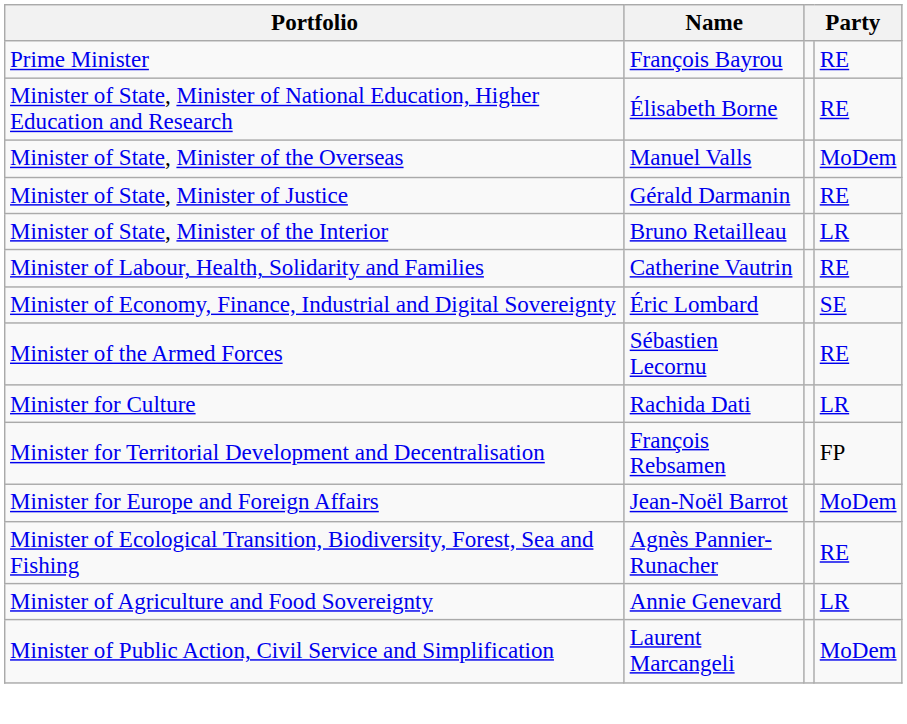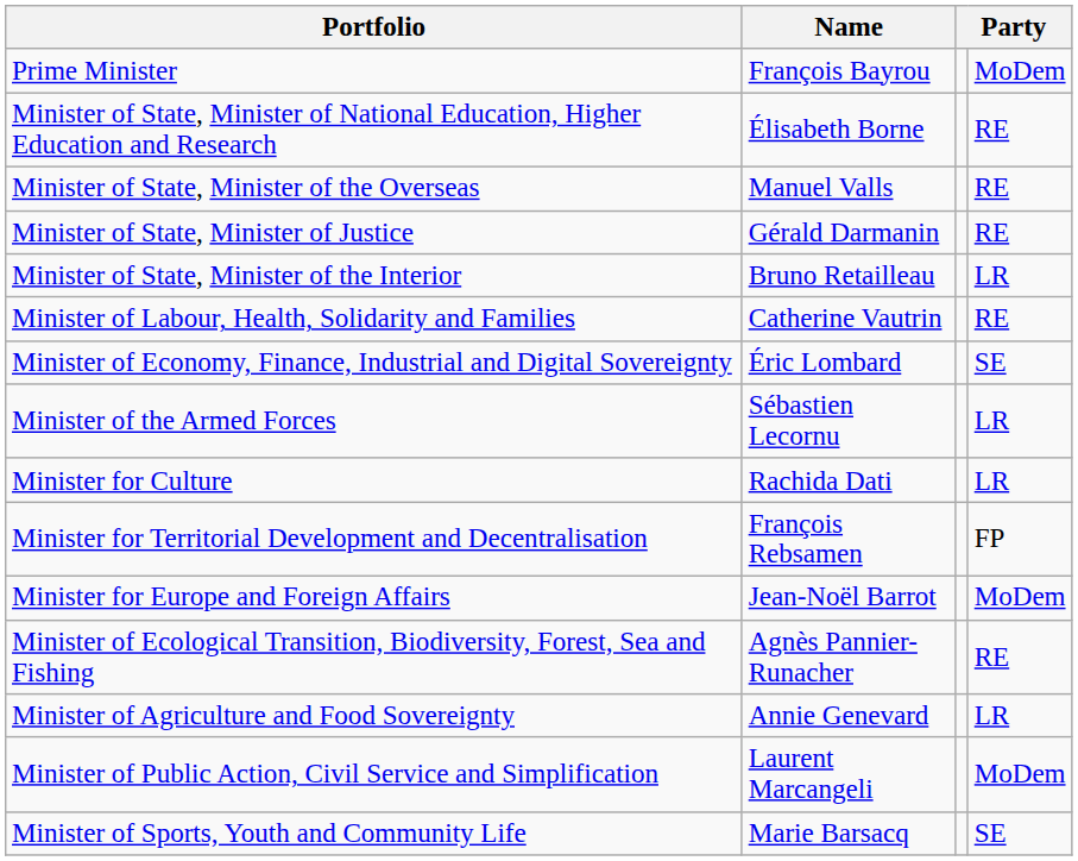 <table class="wikitable" style="width:100%">
 <tr>
 <th>Portfolio</th>
 <th style="width:20%">Name</th>
 <th colspan="2" style="width:8%">Party</th>
 </tr>
 <tr>
 <td><a href='#'>Prime Minister</a></td>
 <td><a href='#'>François Bayrou</a></td>
 <td style="background: "></td>
-<td><a href='#'>RE</a></td>
+<td><a href='#'>MoDem</a></td>
 </tr>
 <tr>
 <td><a href='#'>Minister of State</a>, <a href='#'>Minister of National Education, Higher Education and Research</a></td>
 <td><a href='#'>Élisabeth Borne</a></td>
 <td style="background:"></td>
 <td><a href='#'>RE</a></td>
 </tr>
 <tr>
 <td><a href='#'>Minister of State</a>, <a href='#'>Minister of the Overseas</a></td>
 <td><a href='#'>Manuel Valls</a></td>
 <td style="background:"></td>
-<td><a href='#'>MoDem</a></td>
+<td><a href='#'>RE</a></td>
 </tr>
 <tr>
 <td><a href='#'>Minister of State</a>, <a href='#'>Minister of Justice</a></td>
 <td><a href='#'>Gérald Darmanin</a></td>
 <td style="background:"></td>
 <td><a href='#'>RE</a></td>
 </tr>
 <tr>
 <td><a href='#'>Minister of State</a>, <a href='#'>Minister of the Interior</a></td>
 <td><a href='#'>Bruno Retailleau</a></td>
 <td style="background:"></td>
 <td><a href='#'>LR</a></td>
 </tr>
 <tr>
 <td><a href='#'>Minister of Labour, Health, Solidarity and Families</a></td>
 <td><a href='#'>Catherine Vautrin</a></td>
 <td style="background:"></td>
 <td><a href='#'>RE</a></td>
 </tr>
 <tr>
 <td><a href='#'>Minister of Economy, Finance, Industrial and Digital Sovereignty</a></td>
 <td><a href='#'>Éric Lombard</a></td>
 <td style="background:"></td>
 <td><a href='#'>SE</a></td>
 </tr>
 <tr>
 <td><a href='#'>Minister of the Armed Forces</a></td>
 <td><a href='#'>Sébastien Lecornu</a></td>
 <td style="background:"></td>
-<td><a href='#'>RE</a></td>
+<td><a href='#'>LR</a></td>
 </tr>
 <tr>
 <td><a href='#'>Minister for Culture</a></td>
 <td><a href='#'>Rachida Dati</a></td>
 <td style="background:"></td>
 <td><a href='#'>LR</a></td>
 </tr>
 <tr>
 <td><a href='#'>Minister for Territorial Development and Decentralisation</a></td>
 <td><a href='#'>François Rebsamen</a></td>
 <td style="background:"></td>
 <td>FP</td>
 </tr>
 <tr>
 <td><a href='#'>Minister for Europe and Foreign Affairs</a></td>
 <td><a href='#'>Jean-Noël Barrot</a></td>
 <td style="background: "></td>
 <td><a href='#'>MoDem</a></td>
 </tr>
 <tr>
 <td><a href='#'>Minister of Ecological Transition, Biodiversity, Forest, Sea and Fishing</a></td>
 <td><a href='#'>Agnès Pannier-Runacher</a></td>
 <td style="background:"></td>
 <td><a href='#'>RE</a></td>
 </tr>
 <tr>
 <td><a href='#'>Minister of Agriculture and Food Sovereignty</a></td>
 <td><a href='#'>Annie Genevard</a></td>
 <td style="background:"></td>
 <td><a href='#'>LR</a></td>
 </tr>
 <tr>
 <td><a href='#'>Minister of Public Action, Civil Service and Simplification</a></td>
 <td><a href='#'>Laurent Marcangeli</a></td>
 <td style="background:"></td>
 <td><a href='#'>MoDem</a></td>
 </tr>
+<tr>
+<td><a href='#'>Minister of Sports, Youth and Community Life</a></td>
+<td><a href='#'>Marie Barsacq</a></td>
+<td style="background:"></td>
+<td><a href='#'>SE</a></td>
+</tr>
 </table>
